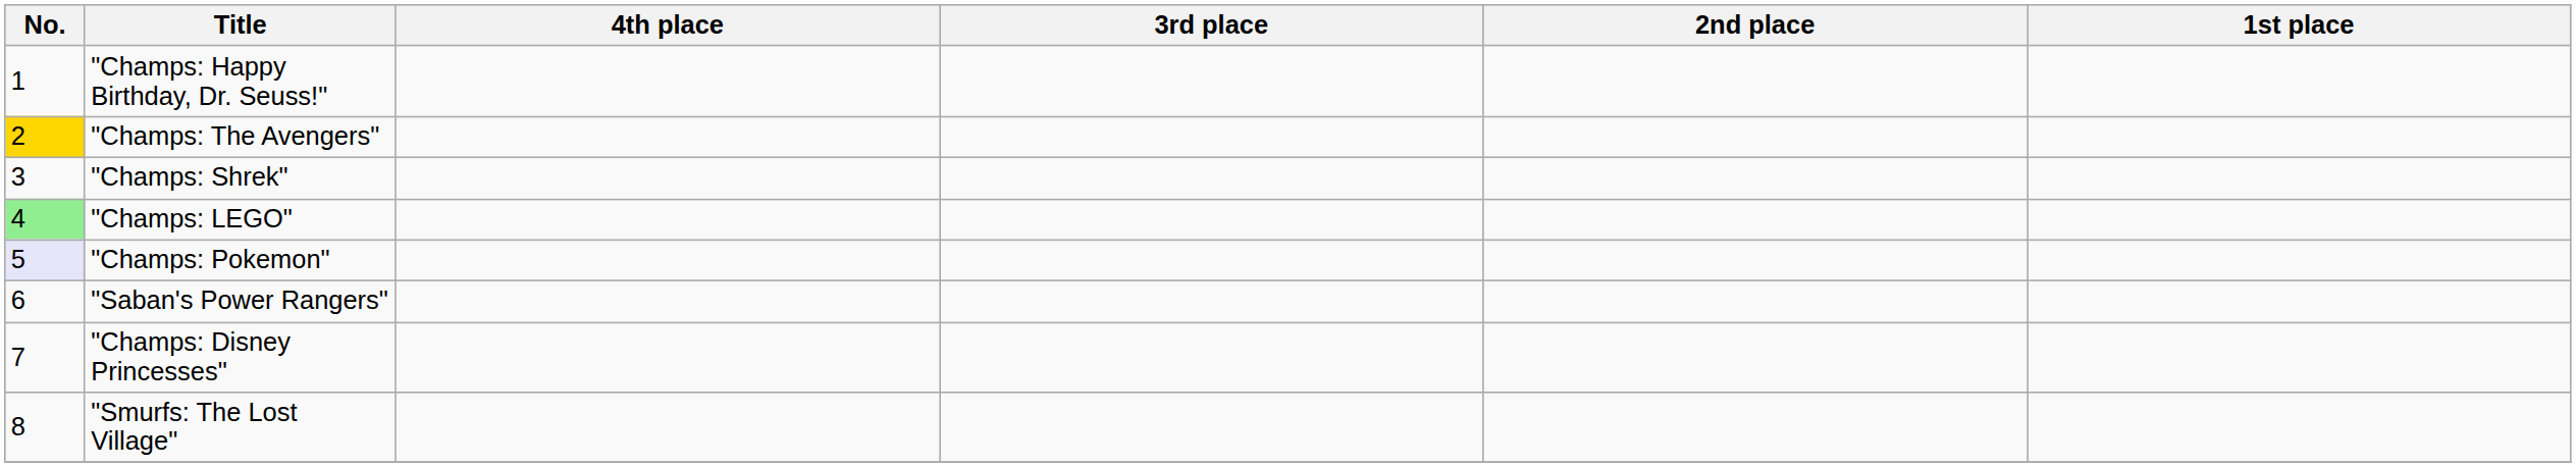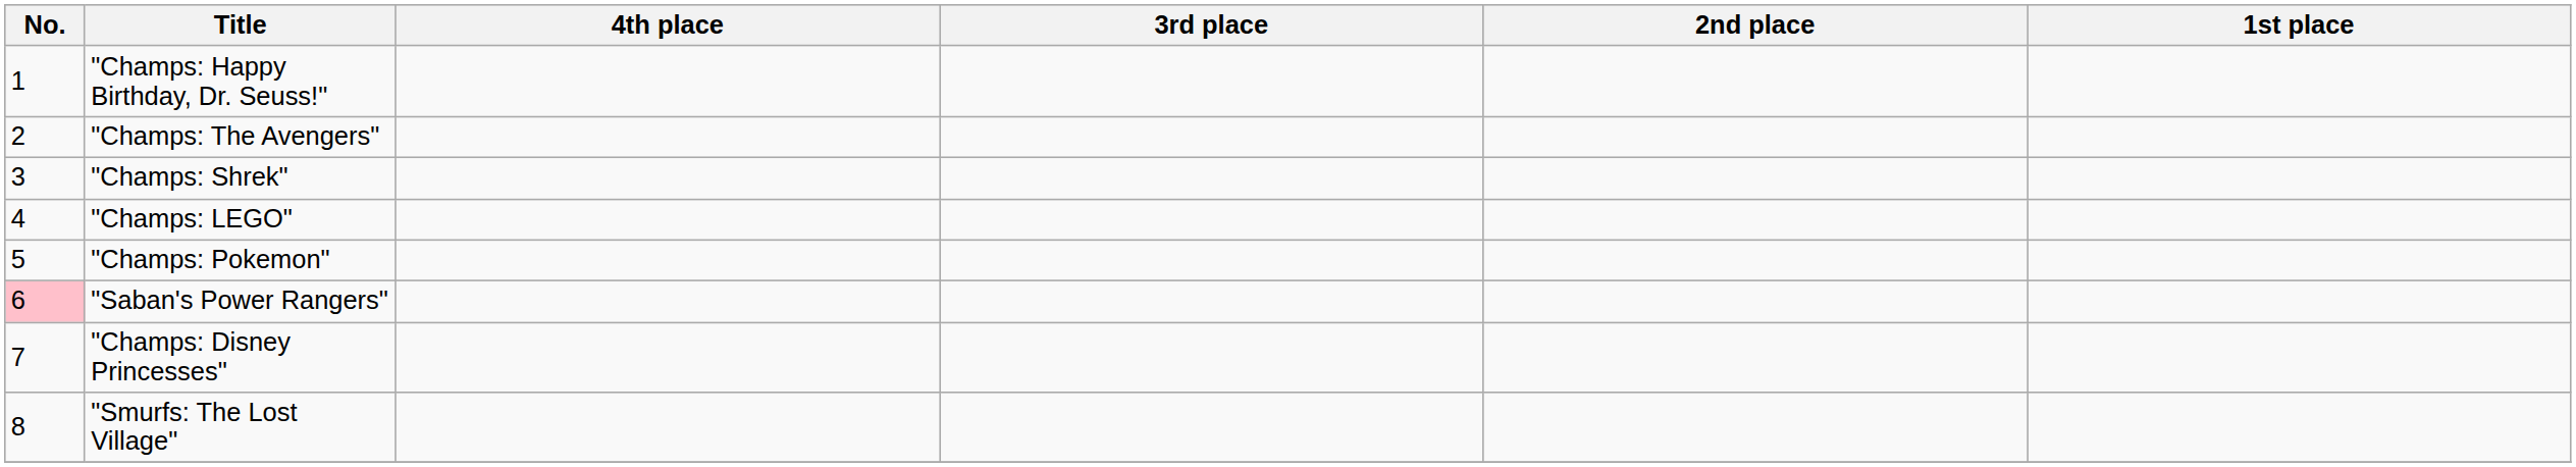 <table class="wikitable plainrowheaders" style="width:100%;">
 <tr>
 <th width=2%>No.</th>
 <th width=8%>Title</th>
 <th width=14%>4th place</th>
 <th width=14%>3rd place</th>
 <th width=14%>2nd place</th>
 <th width=14%>1st place</th>
 </tr>
 <tr>
 <td>1</td>
 <td>"Champs: Happy Birthday, Dr. Seuss!"</td>
 <td></td>
 <td></td>
 <td></td>
 <td></td>
 </tr>
 <tr>
-<td style="background: gold;">2</td>
+<td>2</td>
 <td>"Champs: The Avengers"</td>
 <td></td>
 <td></td>
 <td></td>
 <td></td>
 </tr>
 <tr>
 <td>3</td>
 <td>"Champs: Shrek"</td>
 <td></td>
 <td></td>
 <td></td>
 <td></td>
 </tr>
 <tr>
-<td style="background: lightgreen;">4</td>
+<td>4</td>
 <td>"Champs: LEGO"</td>
 <td></td>
 <td></td>
 <td></td>
 <td></td>
 </tr>
 <tr>
-<td style="background: lavender;">5</td>
+<td>5</td>
 <td>"Champs: Pokemon"</td>
 <td></td>
 <td></td>
 <td></td>
 <td></td>
 </tr>
 <tr>
-<td>6</td>
+<td style="background: pink;">6</td>
 <td>"Saban's Power Rangers"</td>
 <td></td>
 <td></td>
 <td></td>
 <td></td>
 </tr>
 <tr>
 <td>7</td>
 <td>"Champs: Disney Princesses"</td>
 <td></td>
 <td></td>
 <td></td>
 <td></td>
 </tr>
 <tr>
 <td>8</td>
 <td>"Smurfs: The Lost Village"</td>
 <td></td>
 <td></td>
 <td></td>
 <td></td>
 </tr>
 <tr>
 </tr>
 </table>
